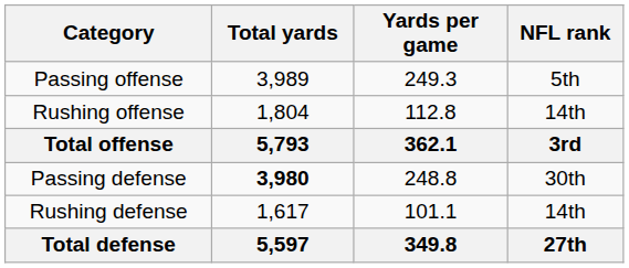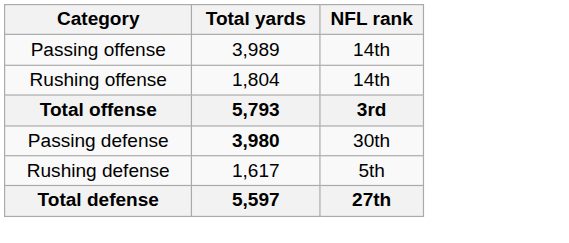 <table class="wikitable" style="text-align:center">
 <tr>
 <th width=150px>Category</th>
 <th width=100px>Total yards</th>
-<th width=110px>Yards per game</th>
 <th width=80px>NFL rank<br></th>
 </tr>
 <tr>
 <td>Passing offense</td>
 <td>3,989</td>
-<td>249.3</td>
-<td>5th</td>
+<td>14th</td>
 </tr>
 <tr>
 <td>Rushing offense</td>
 <td>1,804</td>
-<td>112.8</td>
 <td>14th</td>
 </tr>
 <tr>
 <th>Total offense</th>
 <th>5,793</th>
-<th>362.1</th>
 <th>3rd</th>
 </tr>
 <tr>
 <td>Passing defense</td>
 <td><strong>3,980</strong></td>
-<td>248.8</td>
 <td>30th</td>
 </tr>
 <tr>
 <td>Rushing defense</td>
 <td>1,617</td>
-<td>101.1</td>
-<td>14th</td>
+<td>5th</td>
 </tr>
 <tr>
 <th>Total defense</th>
 <th>5,597</th>
-<th>349.8</th>
 <th>27th</th>
 </tr>
 </table>
